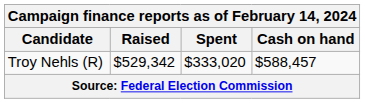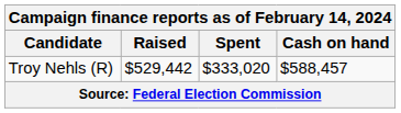 <table class="wikitable sortable">
 <tr>
 <th colspan=4>Campaign finance reports as of February 14, 2024</th>
 </tr>
 <tr style="text-align:center;">
 <th>Candidate</th>
 <th>Raised</th>
 <th>Spent</th>
 <th>Cash on hand</th>
 </tr>
 <tr>
 <td style="background-color:">Troy Nehls (R)</td>
-<td>$529,342</td>
+<td>$529,442</td>
 <td>$333,020</td>
 <td>$588,457</td>
 </tr>
 <tr>
 <th colspan="4"><small>Source: <a href='#'>Federal Election Commission</a></small></th>
 </tr>
 </table>
